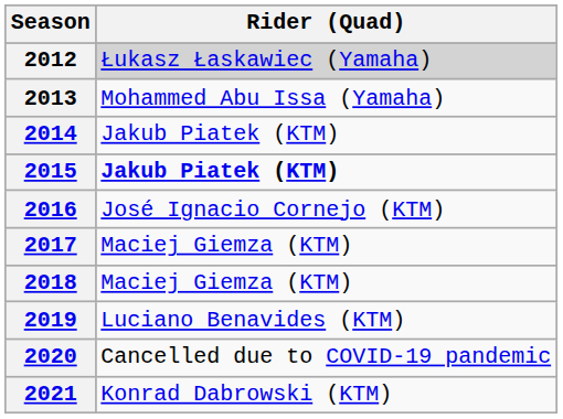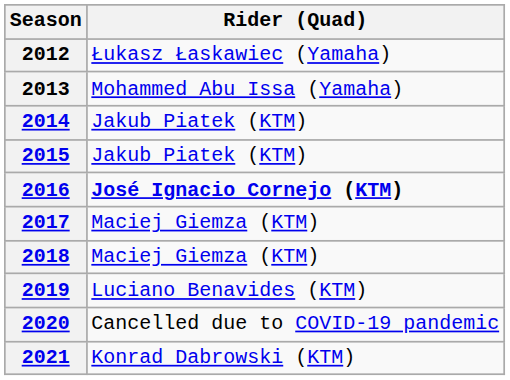 <table class="wikitable" style="font-size:90%;">
 <tr>
 <th>Season</th>
 <th>Rider (Quad)</th>
 </tr>
 <tr>
 <th>2012</th>
-<td style="background: lightgrey;"> <a href='#'>Łukasz Łaskawiec</a> (<a href='#'>Yamaha</a>)</td>
+<td> <a href='#'>Łukasz Łaskawiec</a> (<a href='#'>Yamaha</a>)</td>
 </tr>
 <tr>
 <th>2013</th>
 <td> <a href='#'>Mohammed Abu Issa</a> (<a href='#'>Yamaha</a>)</td>
 </tr>
 <tr>
 <th><a href='#'>2014</a></th>
 <td> <a href='#'>Jakub Piatek</a> (<a href='#'>KTM</a>)</td>
 </tr>
 <tr>
 <th><a href='#'>2015</a></th>
-<td><strong> <a href='#'>Jakub Piatek</a> (<a href='#'>KTM</a>)</strong></td>
+<td> <a href='#'>Jakub Piatek</a> (<a href='#'>KTM</a>)</td>
 </tr>
 <tr>
 <th><a href='#'>2016</a></th>
-<td> <a href='#'>José Ignacio Cornejo</a> (<a href='#'>KTM</a>)</td>
+<td><strong> <a href='#'>José Ignacio Cornejo</a> (<a href='#'>KTM</a>)</strong></td>
 </tr>
 <tr>
 <th><a href='#'>2017</a></th>
 <td> <a href='#'>Maciej Giemza</a> (<a href='#'>KTM</a>)</td>
 </tr>
 <tr>
 <th><a href='#'>2018</a></th>
 <td> <a href='#'>Maciej Giemza</a> (<a href='#'>KTM</a>)</td>
 </tr>
 <tr>
 <th><a href='#'>2019</a></th>
 <td> <a href='#'>Luciano Benavides</a> (<a href='#'>KTM</a>)</td>
 </tr>
 <tr>
 <th><a href='#'>2020</a></th>
 <td align=center>Cancelled due to <a href='#'>COVID-19 pandemic</a></td>
 </tr>
 <tr>
 <th><a href='#'>2021</a></th>
 <td> <a href='#'>Konrad Dabrowski</a> (<a href='#'>KTM</a>)</td>
 </tr>
 </table>
